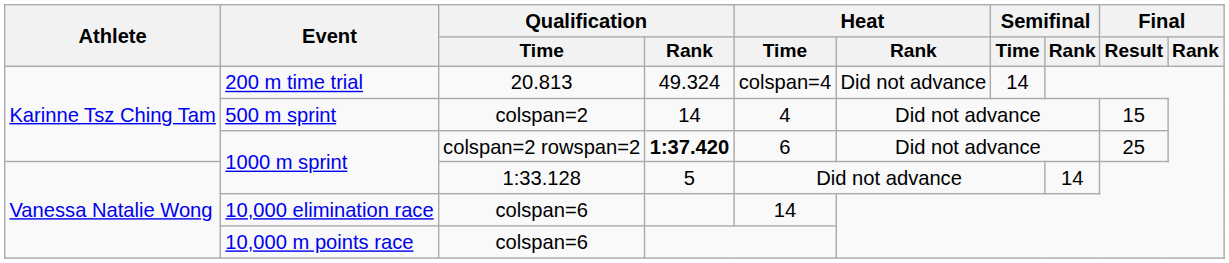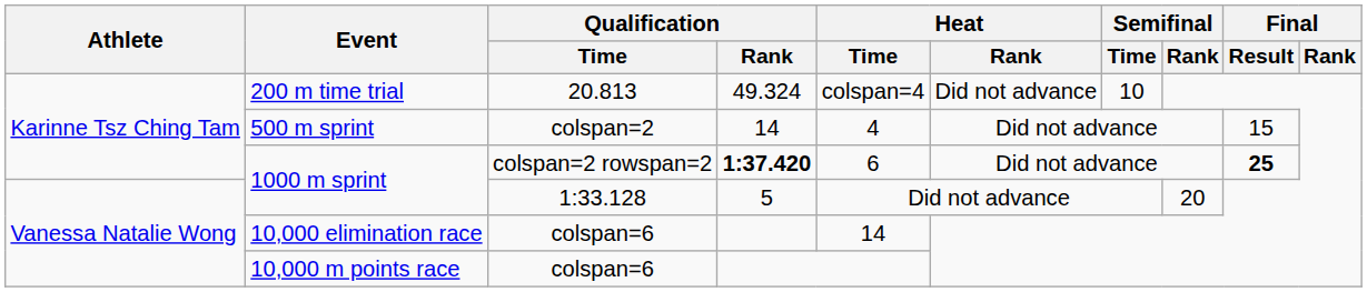 <table class=wikitable style=font-size:90%;text-align:center>
 <tr>
 <th rowspan=2>Athlete</th>
 <th rowspan=2>Event</th>
 <th colspan=2>Qualification</th>
 <th colspan=2>Heat</th>
 <th colspan=2>Semifinal</th>
 <th colspan=2>Final</th>
 </tr>
 <tr style=font-size:95%>
 <th>Time</th>
 <th>Rank</th>
 <th>Time</th>
 <th>Rank</th>
 <th>Time</th>
 <th>Rank</th>
 <th>Result</th>
 <th>Rank</th>
 </tr>
 <tr>
 <td align=left rowspan=3><a href='#'>Karinne Tsz Ching Tam</a></td>
 <td align=left><a href='#'>200 m time trial</a></td>
 <td>20.813</td>
 <td>49.324</td>
 <td>colspan=4 </td>
 <td>Did not advance</td>
-<td>14</td>
+<td>10</td>
 </tr>
 <tr>
 <td align=left><a href='#'>500 m sprint</a></td>
 <td>colspan=2 </td>
 <td>14</td>
 <td>4</td>
 <td colspan=3>Did not advance</td>
 <td>15</td>
 </tr>
 <tr>
 <td align=left rowspan=2><a href='#'>1000 m sprint</a></td>
 <td>colspan=2 rowspan=2 </td>
 <td><strong>1:37.420</strong></td>
 <td>6</td>
 <td colspan=3>Did not advance</td>
-<td>25</td>
+<td><strong>25</strong></td>
 </tr>
 <tr>
 <td align=left rowspan=3><a href='#'>Vanessa Natalie Wong</a></td>
 <td>1:33.128</td>
 <td>5</td>
 <td colspan=3>Did not advance</td>
-<td>14</td>
+<td>20</td>
 </tr>
 <tr>
 <td align=left><a href='#'>10,000 elimination race</a></td>
 <td>colspan=6 </td>
 <td></td>
 <td>14</td>
 </tr>
 <tr>
 <td align=left><a href='#'>10,000 m points race</a></td>
 <td>colspan=6 </td>
 <td colspan=2></td>
 </tr>
 </table>
